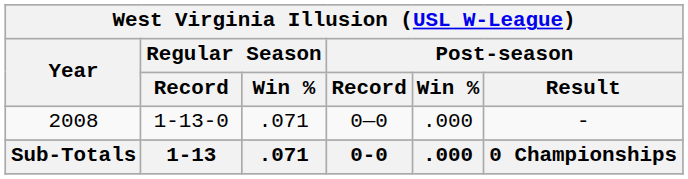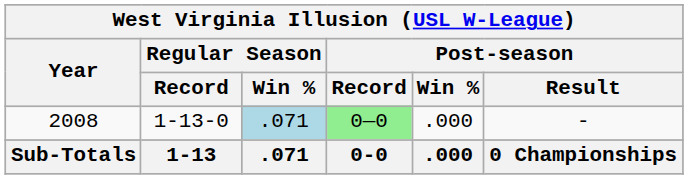 <table class="wikitable" style="margin: 1em auto 1em auto; font-size: 95%; text-align:center;">
 <tr>
 <th colspan="9">West Virginia Illusion (<a href='#'>USL W-League</a>)</th>
 </tr>
 <tr>
 <th rowspan="2">Year</th>
 <th colspan="2">Regular Season</th>
 <th colspan="6">Post-season</th>
 </tr>
 <tr>
 <th>Record</th>
 <th>Win %</th>
 <th>Record</th>
 <th>Win %</th>
 <th>Result</th>
 </tr>
 <tr>
 <td>2008</td>
 <td>1-13-0</td>
-<td>.071</td>
-<td>0—0</td>
+<td style="background: lightblue;">.071</td>
+<td style="background: lightgreen;">0—0</td>
 <td>.000</td>
 <td>-</td>
 </tr>
 <tr>
 <th>Sub-Totals</th>
 <th>1-13</th>
 <th>.071</th>
 <th>0-0</th>
 <th>.000</th>
 <th><strong>0 Championships</strong></th>
 </tr>
 </table>
